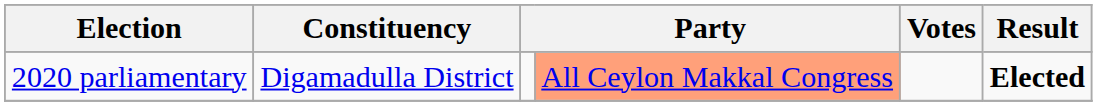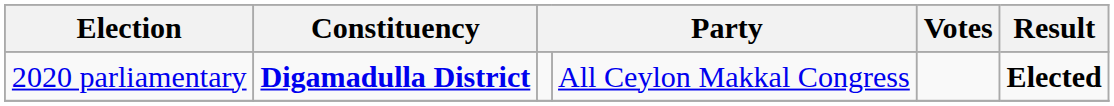 <table class="wikitable" style="text-align:left;">
 <tr>
 <th scope=col>Election</th>
 <th scope=col>Constituency</th>
 <th scope=col colspan="2">Party</th>
 <th scope=col>Votes</th>
 <th scope=col>Result</th>
 </tr>
 <tr>
 <td><a href='#'>2020 parliamentary</a></td>
-<td><a href='#'>Digamadulla District</a></td>
+<td><strong><a href='#'>Digamadulla District</a></strong></td>
 <td style="background:"></td>
-<td style="background: lightsalmon;"><a href='#'>All Ceylon Makkal Congress</a></td>
+<td><a href='#'>All Ceylon Makkal Congress</a></td>
 <td align=right></td>
 <td><strong>Elected</strong></td>
 </tr>
 <tr>
 </tr>
 </table>
